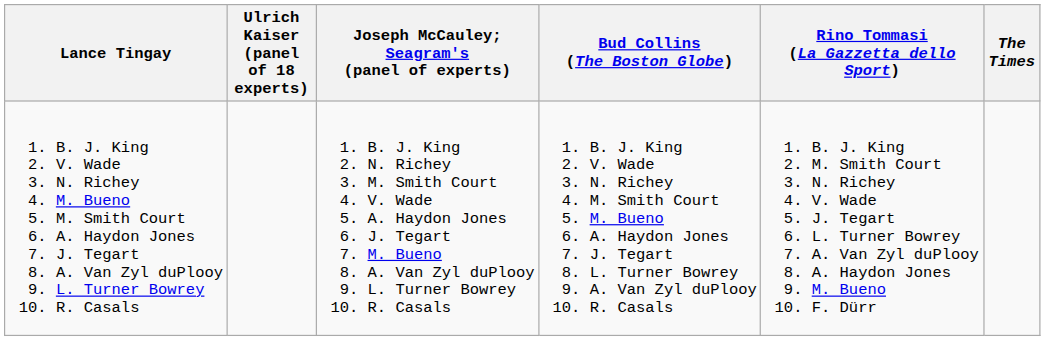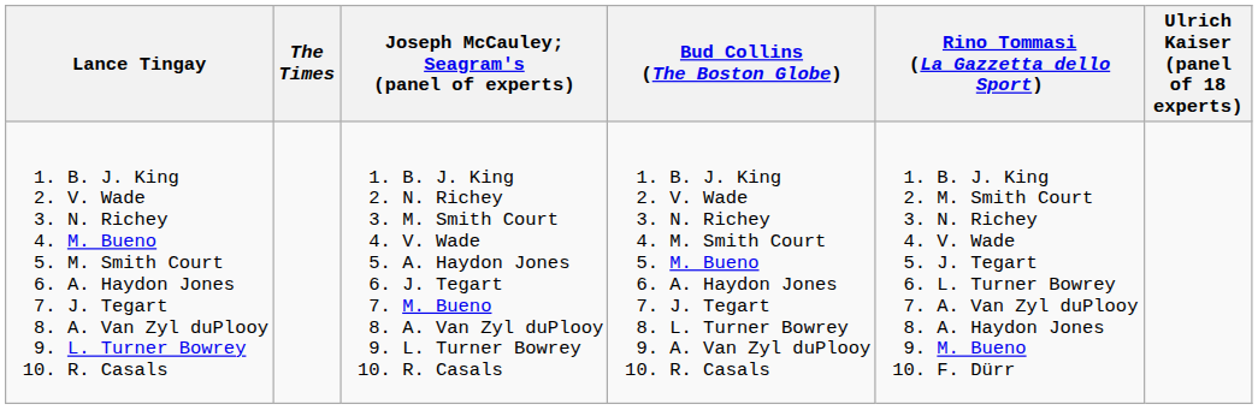 <table class="wikitable">
 <tr>
 <th>Lance Tingay<strong></strong></th>
-<th>Ulrich Kaiser<em></em><br>(panel of 18 experts)</th>
+<th><em>The Times</em></th>
 <th>Joseph McCauley;<br><a href='#'>Seagram's</a><br>(panel of experts)</th>
 <th><a href='#'>Bud Collins</a><br>(<em><a href='#'>The Boston Globe</a></em>)</th>
 <th><a href='#'>Rino Tommasi</a><br>(<em><a href='#'>La Gazzetta dello Sport</a></em>)</th>
-<th><em>The Times</em></th>
+<th>Ulrich Kaiser<em></em><br>(panel of 18 experts)</th>
 </tr>
 <tr style="vertical-align: top;">
 <td style="white-space: nowrap;"><br><ol><li> B. J. King</li><li> V. Wade</li><li> N. Richey</li><li> <a href='#'>M. Bueno</a></li><li> M. Smith Court</li><li> A. Haydon Jones</li><li> J. Tegart</li><li> A. Van Zyl duPlooy</li><li> <a href='#'>L. Turner Bowrey</a></li><li> R. Casals</li></ol></td>
 <td></td>
 <td style="white-space: nowrap;"><br><ol><li> B. J. King</li><li> N. Richey</li><li> M. Smith Court</li><li> V. Wade</li><li> A. Haydon Jones</li><li> J. Tegart</li><li> <a href='#'>M. Bueno</a></li><li> A. Van Zyl duPlooy</li><li> L. Turner Bowrey</li><li> R. Casals</li></ol></td>
 <td style="white-space: nowrap;"><br><ol><li> B. J. King</li><li> V. Wade</li><li> N. Richey</li><li> M. Smith Court</li><li> <a href='#'>M. Bueno</a></li><li> A. Haydon Jones</li><li> J. Tegart</li><li> L. Turner Bowrey</li><li> A. Van Zyl duPlooy</li><li> R. Casals</li></ol></td>
 <td style="white-space: nowrap;"><br><ol><li> B. J. King</li><li> M. Smith Court</li><li> N. Richey</li><li> V. Wade</li><li> J. Tegart</li><li> L. Turner Bowrey</li><li> A. Van Zyl duPlooy</li><li> A. Haydon Jones</li><li> <a href='#'>M. Bueno</a></li><li> F. Dürr</li></ol></td>
 <td></td>
 </tr>
 </table>
